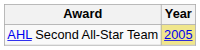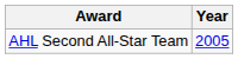 <table class="wikitable">
 <tr>
 <th>Award</th>
 <th>Year</th>
 </tr>
 <tr>
 <td><a href='#'>AHL</a> Second All-Star Team</td>
-<td style="background: khaki;"><a href='#'>2005</a></td>
+<td><a href='#'>2005</a></td>
 </tr>
 </table>
